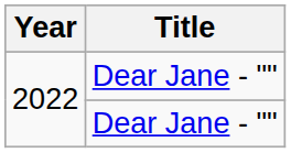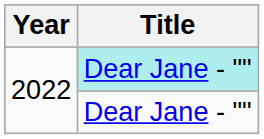 <table class="wikitable sortable">
 <tr>
 <th>Year</th>
 <th>Title</th>
 </tr>
 <tr>
 <td rowspan="2">2022</td>
-<td><a href='#'>Dear Jane</a> - ""</td>
+<td style="background: paleturquoise;"><a href='#'>Dear Jane</a> - ""</td>
 </tr>
 <tr>
 <td><a href='#'>Dear Jane</a> - ""</td>
 </tr>
 </table>
